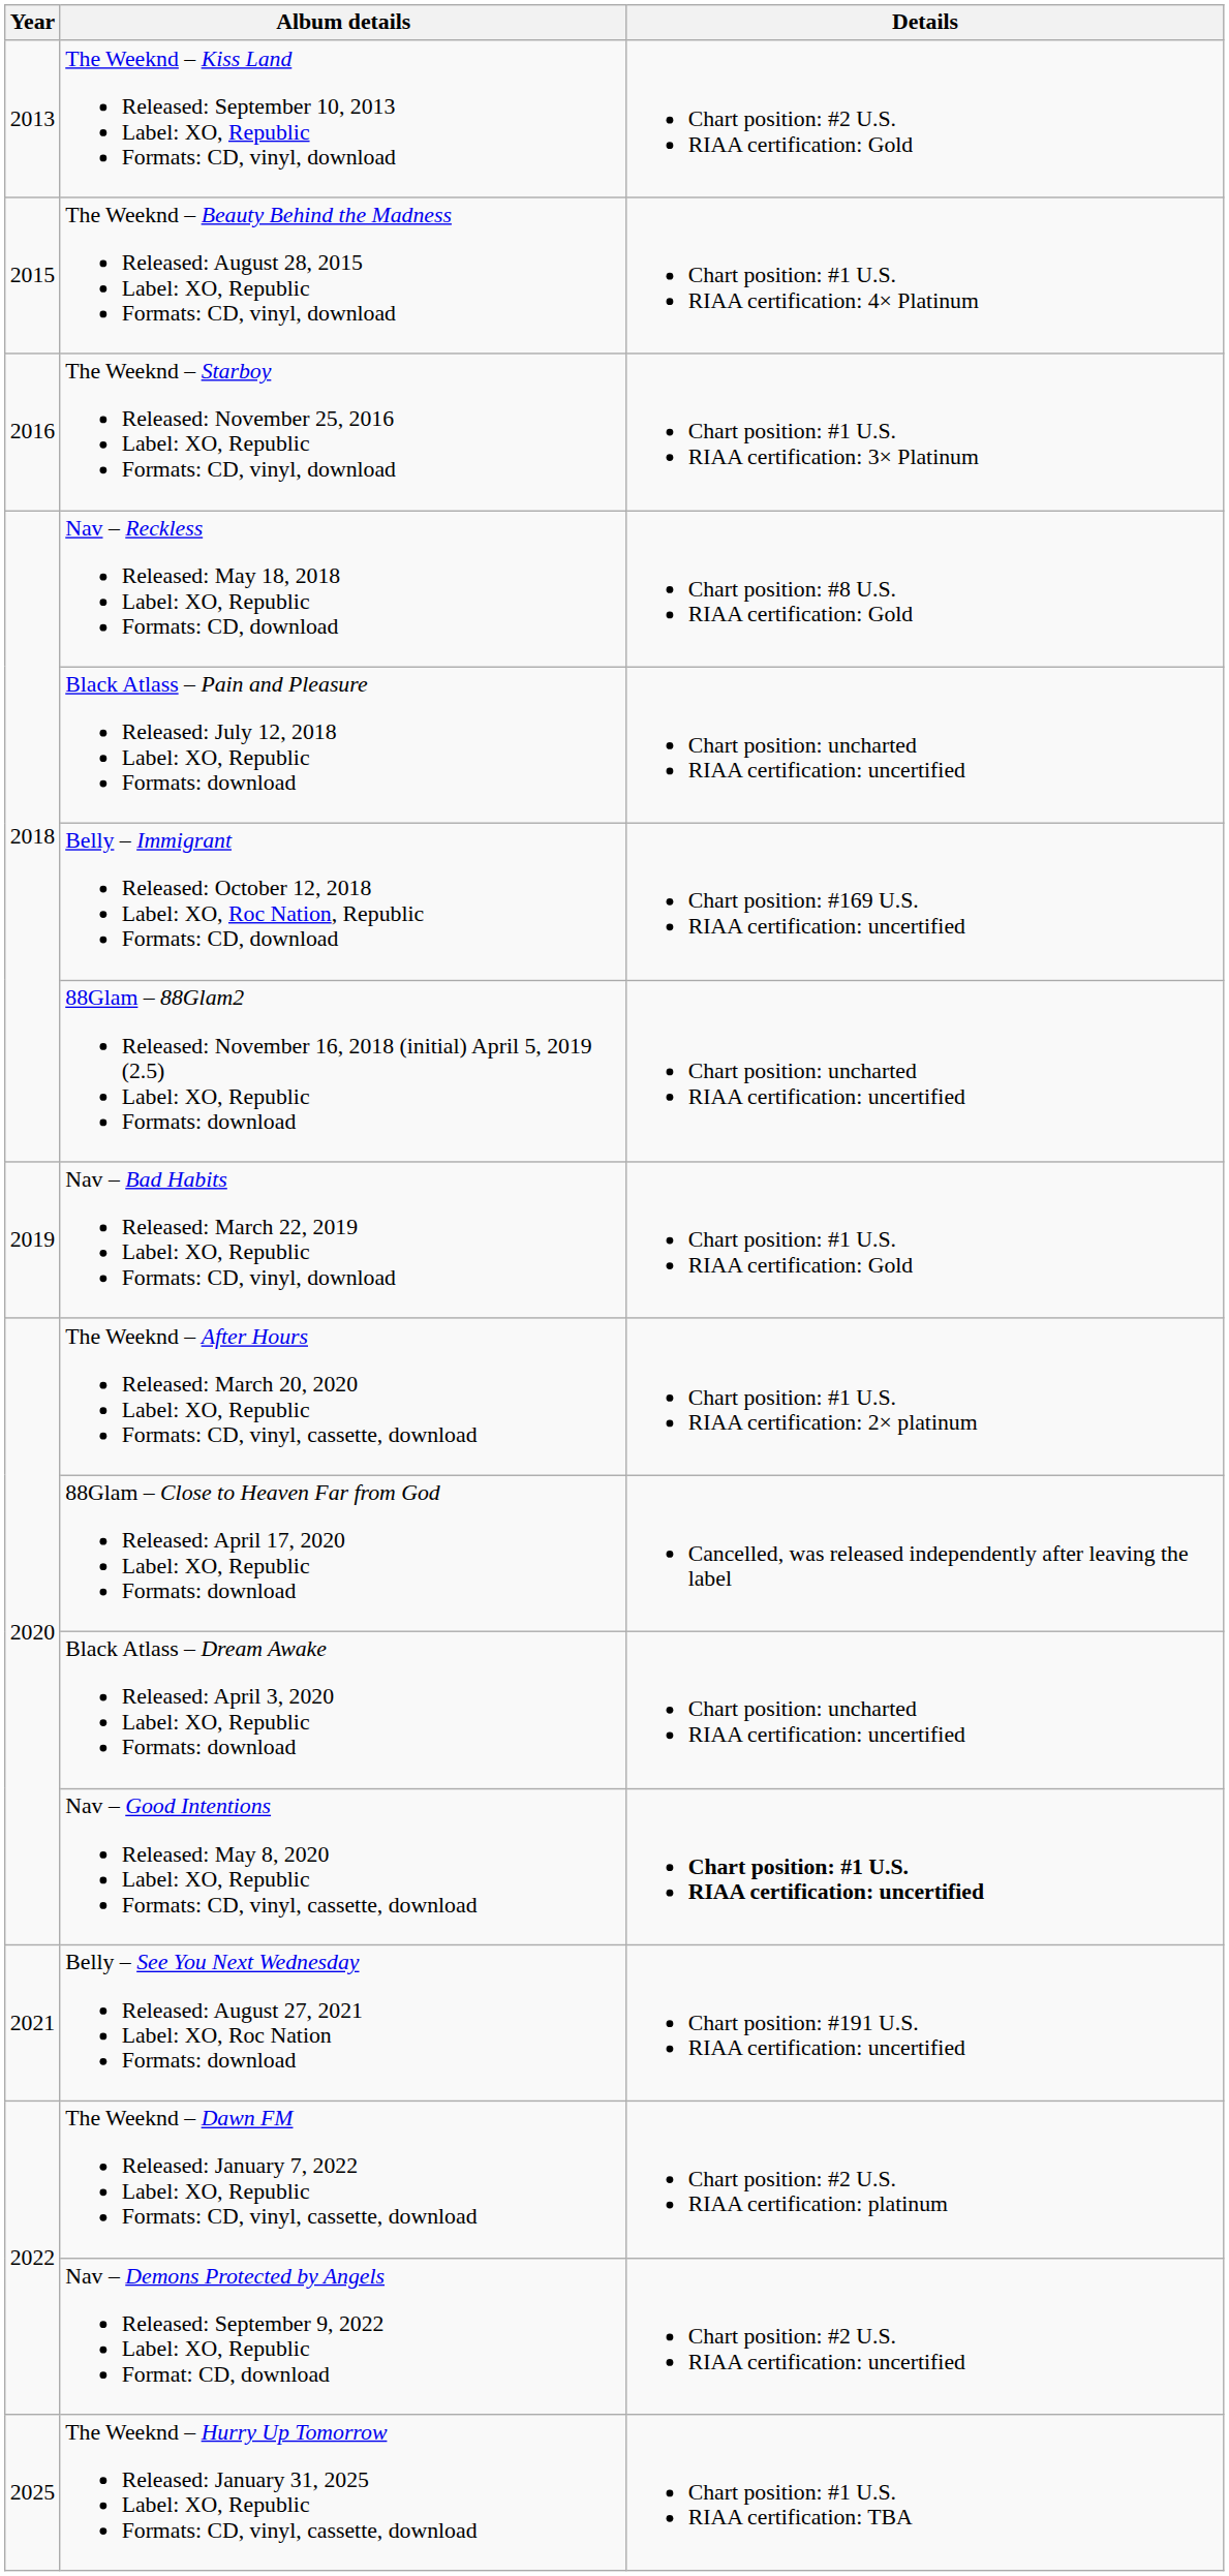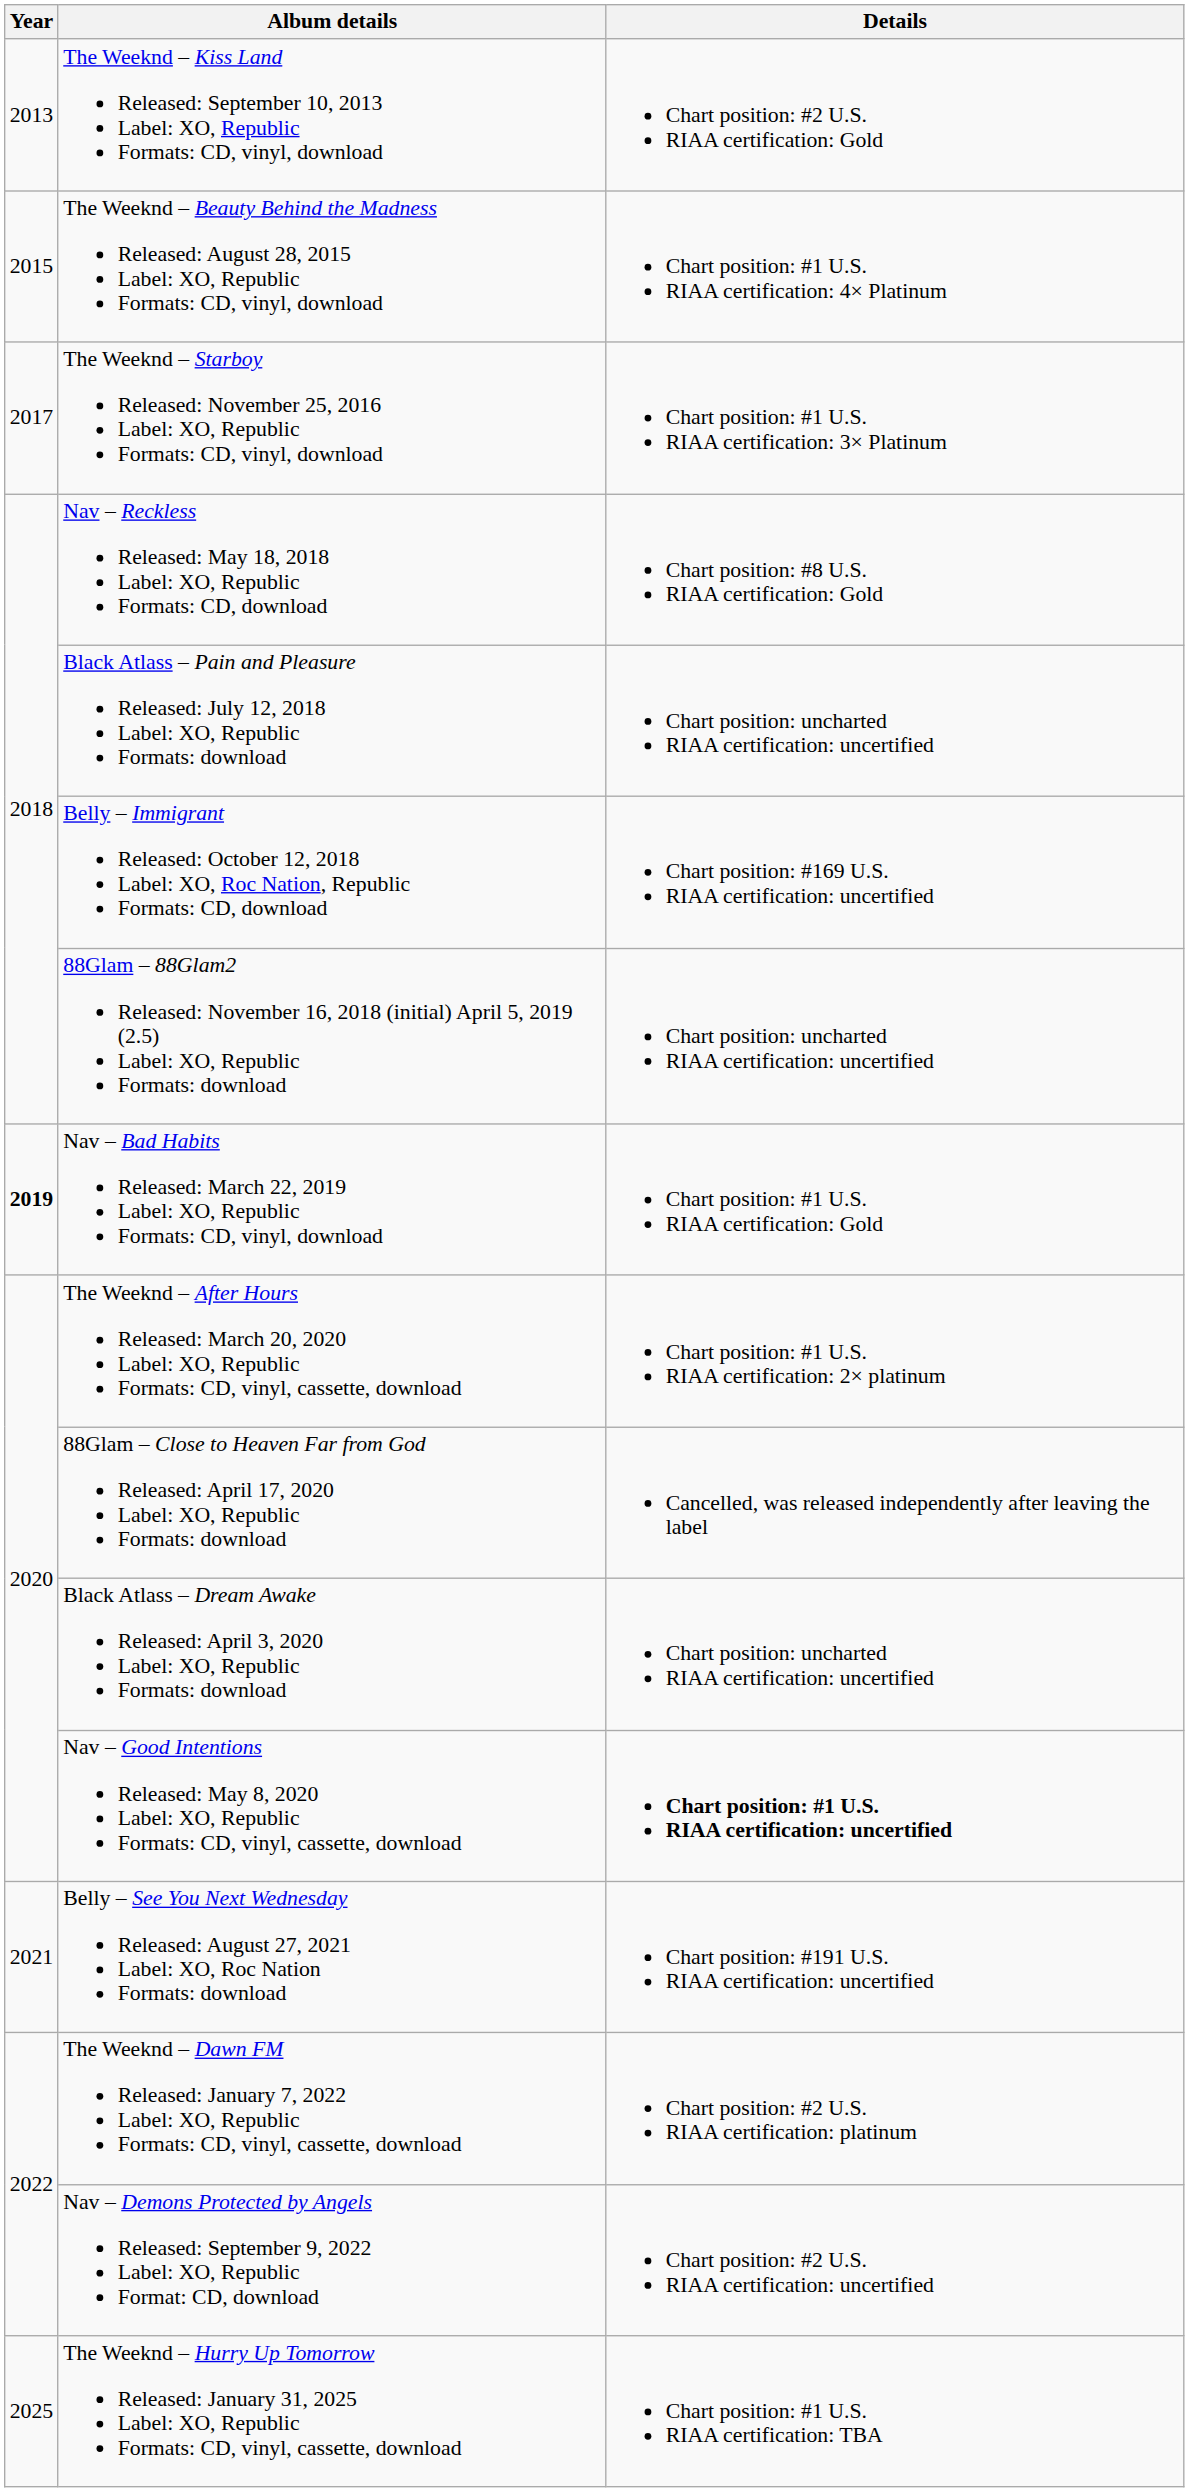 <table class="wikitable sortable">
 <tr>
 <th>Year</th>
 <th class="unsortable">Album details</th>
 <th>Details</th>
 </tr>
 <tr>
 <td style="text-align:center;">2013</td>
 <td><a href='#'>The Weeknd</a> – <em><a href='#'>Kiss Land</a></em><br><ul><li>Released: September 10, 2013</li><li>Label: XO, <a href='#'>Republic</a></li><li>Formats: CD, vinyl, download</li></ul></td>
 <td><br><ul><li>Chart position: #2 U.S.</li><li>RIAA certification: Gold</li></ul></td>
 </tr>
 <tr>
 <td style="text-align:center;">2015</td>
 <td>The Weeknd – <em><a href='#'>Beauty Behind the Madness</a></em><br><ul><li>Released: August 28, 2015</li><li>Label: XO, Republic</li><li>Formats: CD, vinyl, download</li></ul></td>
 <td><br><ul><li>Chart position: #1 U.S.</li><li>RIAA certification: 4× Platinum</li></ul></td>
 </tr>
 <tr>
-<td style="text-align:center;">2016</td>
+<td style="text-align:center;">2017</td>
 <td>The Weeknd – <em><a href='#'>Starboy</a></em><br><ul><li>Released: November 25, 2016</li><li>Label: XO, Republic</li><li>Formats: CD, vinyl, download</li></ul></td>
 <td><br><ul><li>Chart position: #1 U.S.</li><li>RIAA certification: 3× Platinum</li></ul></td>
 </tr>
 <tr>
 <td rowspan="4" style="text-align:center;">2018</td>
 <td><a href='#'>Nav</a> – <em><a href='#'>Reckless</a></em><br><ul><li>Released: May 18, 2018</li><li>Label: XO, Republic</li><li>Formats: CD, download</li></ul></td>
 <td><br><ul><li>Chart position: #8 U.S.</li><li>RIAA certification: Gold</li></ul></td>
 </tr>
 <tr>
 <td><a href='#'>Black Atlass</a> – <em>Pain and Pleasure</em><br><ul><li>Released: July 12, 2018</li><li>Label: XO, Republic</li><li>Formats: download</li></ul></td>
 <td><br><ul><li>Chart position: uncharted</li><li>RIAA certification: uncertified</li></ul></td>
 </tr>
 <tr>
 <td><a href='#'>Belly</a> – <em><a href='#'>Immigrant</a></em><br><ul><li>Released: October 12, 2018</li><li>Label: XO, <a href='#'>Roc Nation</a>, Republic</li><li>Formats: CD, download</li></ul></td>
 <td><br><ul><li>Chart position: #169 U.S.</li><li>RIAA certification: uncertified</li></ul></td>
 </tr>
 <tr>
 <td><a href='#'>88Glam</a> – <em>88Glam2</em><br><ul><li>Released: November 16, 2018 (initial) April 5, 2019 (2.5)</li><li>Label: XO, Republic</li><li>Formats: download</li></ul></td>
 <td><br><ul><li>Chart position: uncharted</li><li>RIAA certification: uncertified</li></ul></td>
 </tr>
 <tr>
-<td rowspan="1" style="text-align:center;">2019</td>
+<td rowspan="1" style="text-align:center;"><strong>2019</strong></td>
 <td>Nav – <em><a href='#'>Bad Habits</a></em><br><ul><li>Released: March 22, 2019</li><li>Label: XO, Republic</li><li>Formats: CD, vinyl, download</li></ul></td>
 <td><br><ul><li>Chart position: #1 U.S.</li><li>RIAA certification: Gold</li></ul></td>
 </tr>
 <tr>
 <td rowspan="4" style="text-align:center;">2020</td>
 <td>The Weeknd – <em><a href='#'>After Hours</a></em><br><ul><li>Released: March 20, 2020</li><li>Label: XO, Republic</li><li>Formats: CD, vinyl, cassette, download</li></ul></td>
 <td><br><ul><li>Chart position: #1 U.S.</li><li>RIAA certification: 2× platinum</li></ul></td>
 </tr>
 <tr>
 <td>88Glam – <em>Close to Heaven Far from God</em><br><ul><li>Released: April 17, 2020</li><li>Label: XO, Republic</li><li>Formats: download</li></ul></td>
 <td><br><ul><li>Cancelled, was released independently after leaving the label</li></ul></td>
 </tr>
 <tr>
 <td>Black Atlass – <em>Dream Awake</em><br><ul><li>Released: April 3, 2020</li><li>Label: XO, Republic</li><li>Formats: download</li></ul></td>
 <td><br><ul><li>Chart position: uncharted</li><li>RIAA certification: uncertified</li></ul></td>
 </tr>
 <tr>
 <td>Nav – <em><a href='#'>Good Intentions</a></em><br><ul><li>Released: May 8, 2020</li><li>Label: XO, Republic</li><li>Formats: CD, vinyl, cassette, download</li></ul></td>
 <td><strong><br><ul><li>Chart position: #1 U.S.</li><li>RIAA certification: uncertified</li></ul></strong></td>
 </tr>
 <tr>
 <td>2021</td>
 <td>Belly – <em><a href='#'>See You Next Wednesday</a></em><br><ul><li>Released: August 27, 2021</li><li>Label: XO, Roc Nation</li><li>Formats: download</li></ul></td>
 <td><br><ul><li>Chart position: #191 U.S.</li><li>RIAA certification: uncertified</li></ul></td>
 </tr>
 <tr>
 <td rowspan="2" style="text-align:center;">2022</td>
 <td>The Weeknd – <em><a href='#'>Dawn FM</a></em><br><ul><li>Released: January 7, 2022</li><li>Label: XO, Republic</li><li>Formats: CD, vinyl, cassette, download</li></ul></td>
 <td><br><ul><li>Chart position: #2 U.S.</li><li>RIAA certification: platinum</li></ul></td>
 </tr>
 <tr>
 <td>Nav – <em><a href='#'>Demons Protected by Angels</a></em><br><ul><li>Released: September 9, 2022</li><li>Label: XO, Republic</li><li>Format: CD, download</li></ul></td>
 <td><br><ul><li>Chart position: #2 U.S.</li><li>RIAA certification: uncertified</li></ul></td>
 </tr>
 <tr>
 <td>2025</td>
 <td>The Weeknd – <em><a href='#'>Hurry Up Tomorrow</a></em><br><ul><li>Released: January 31, 2025</li><li>Label: XO, Republic</li><li>Formats: CD, vinyl, cassette, download</li></ul></td>
 <td><br><ul><li>Chart position: #1 U.S.</li><li>RIAA certification: TBA</li></ul></td>
 </tr>
 </table>
